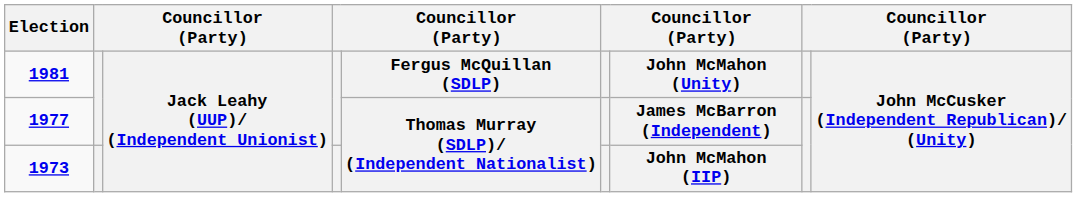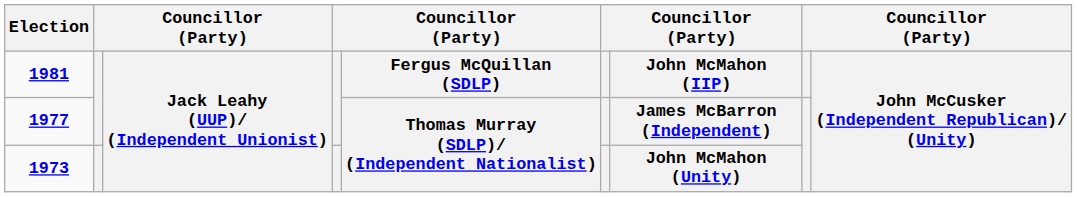 <table class="wikitable" style="text-align:center">
 <tr>
 <th scope="col" width="50">Election</th>
 <th scope="col" width="150" colspan = "2">Councillor<br> (Party)</th>
 <th scope="col" width="150" colspan = "2">Councillor<br> (Party)</th>
 <th scope="col" width="150" colspan = "2">Councillor<br> (Party)</th>
 <th scope="col" width="150" colspan = "2">Councillor<br> (Party)</th>
 </tr>
 <tr>
 <td><strong><a href='#'>1981</a></strong></td>
 <th rowspan="2" width="1" style="background-color: "></th>
 <th rowspan = "3">Jack Leahy <br> (<a href='#'>UUP</a>)/ <br> (<a href='#'>Independent Unionist</a>)</th>
 <th rowspan="2" width="1" style="background-color: "></th>
 <th rowspan = "1">Fergus McQuillan <br> (<a href='#'>SDLP</a>)</th>
 <th rowspan="1" width="1" style="background-color: "></th>
-<th rowspan = "1">John McMahon <br> (<a href='#'>Unity</a>)</th>
+<th rowspan = "1">John McMahon <br> (<a href='#'>IIP</a>)</th>
 <th rowspan="1" width="1" style="background-color: "></th>
 <th rowspan = "3">John McCusker <br> (<a href='#'>Independent Republican</a>)/ <br> (<a href='#'>Unity</a>)</th>
 </tr>
 <tr>
 <td><strong><a href='#'>1977</a></strong></td>
 <th rowspan = "3">Thomas Murray <br> (<a href='#'>SDLP</a>)/ <br> (<a href='#'>Independent Nationalist</a>)</th>
 <th rowspan="1" width="1" style="background-color: "></th>
 <th rowspan = "1">James McBarron <br> (<a href='#'>Independent</a>)</th>
 <th rowspan="2" width="1" style="background-color: "></th>
 </tr>
 <tr>
 <td><strong><a href='#'>1973</a></strong></td>
 <th rowspan="2" width="1" style="background-color: "></th>
 <th rowspan="2" width="1" style="background-color: "></th>
 <th rowspan="1" width="1" style="background-color: "></th>
-<th rowspan = "1">John McMahon <br> (<a href='#'>IIP</a>)</th>
+<th rowspan = "1">John McMahon <br> (<a href='#'>Unity</a>)</th>
 </tr>
 </table>
